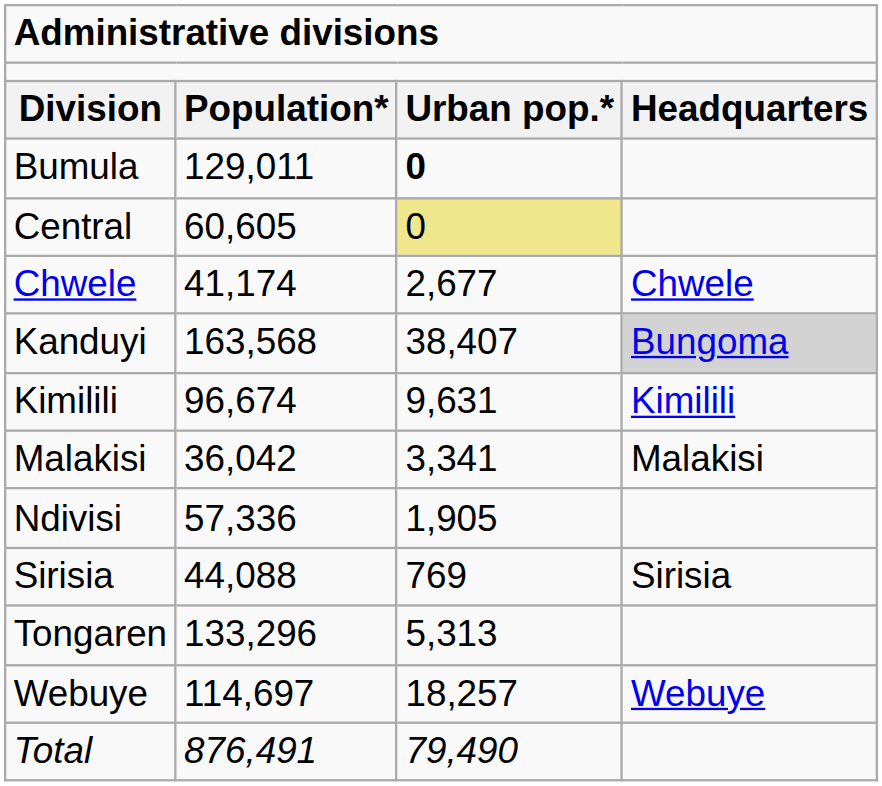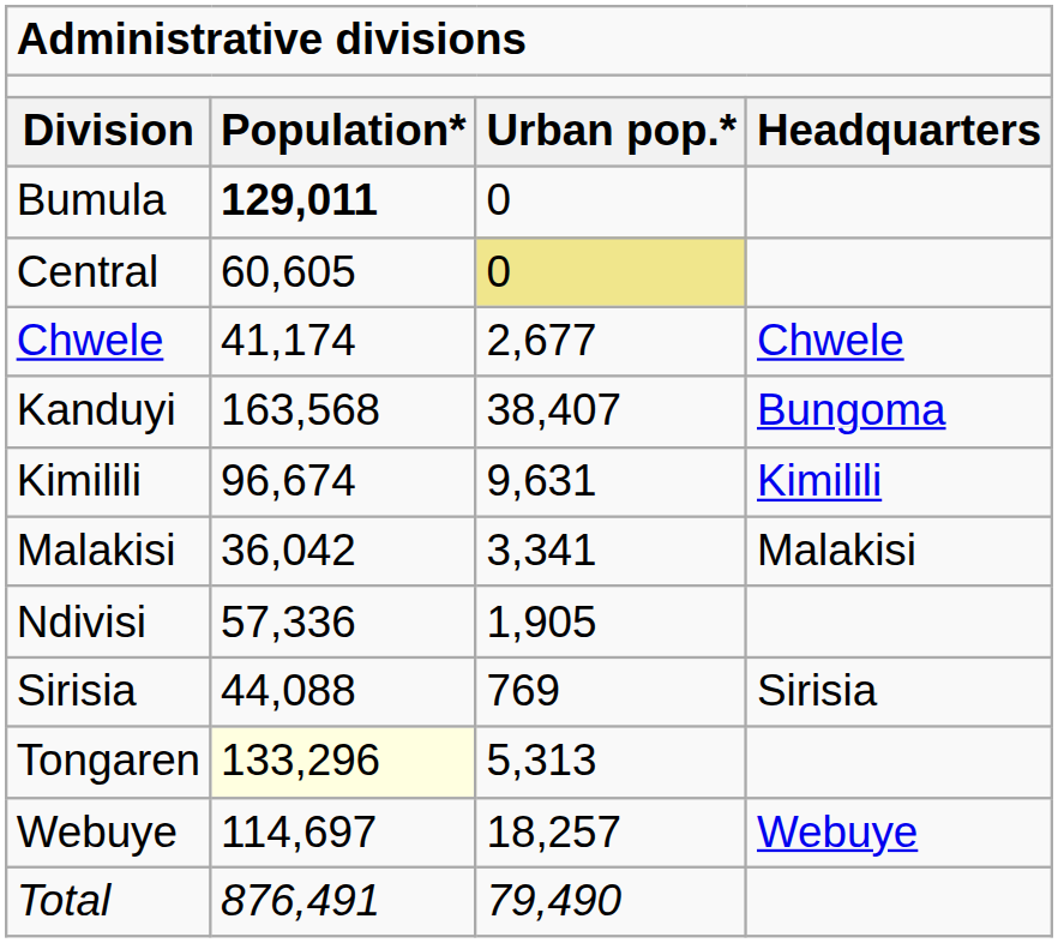 <table class="wikitable">
 <tr>
 <td colspan="4"><strong>Administrative divisions</strong></td>
 </tr>
 <tr>
 <td colspan="4"></td>
 </tr>
 <tr>
 <th>Division</th>
 <th>Population*</th>
 <th>Urban pop.*</th>
 <th>Headquarters</th>
 </tr>
 <tr>
 <td>Bumula</td>
-<td>129,011</td>
-<td><strong>0</strong></td>
+<td><strong>129,011</strong></td>
+<td>0</td>
 <td></td>
 </tr>
 <tr>
 <td>Central</td>
 <td>60,605</td>
 <td style="background: khaki;">0</td>
 <td></td>
 </tr>
 <tr>
 <td><a href='#'>Chwele</a></td>
 <td>41,174</td>
 <td>2,677</td>
 <td><a href='#'>Chwele</a></td>
 </tr>
 <tr>
 <td>Kanduyi</td>
 <td>163,568</td>
 <td>38,407</td>
-<td style="background: lightgrey;"><a href='#'>Bungoma</a></td>
+<td><a href='#'>Bungoma</a></td>
 </tr>
 <tr>
 <td>Kimilili</td>
 <td>96,674</td>
 <td>9,631</td>
 <td><a href='#'>Kimilili</a></td>
 </tr>
 <tr>
 <td>Malakisi</td>
 <td>36,042</td>
 <td>3,341</td>
 <td>Malakisi</td>
 </tr>
 <tr>
 <td>Ndivisi</td>
 <td>57,336</td>
 <td>1,905</td>
 <td></td>
 </tr>
 <tr>
 <td>Sirisia</td>
 <td>44,088</td>
 <td>769</td>
 <td>Sirisia</td>
 </tr>
 <tr>
 <td>Tongaren</td>
-<td>133,296</td>
+<td style="background: lightyellow;">133,296</td>
 <td>5,313</td>
 <td></td>
 </tr>
 <tr>
 <td>Webuye</td>
 <td>114,697</td>
 <td>18,257</td>
 <td><a href='#'>Webuye</a></td>
 </tr>
 <tr>
 <td><em>Total</em></td>
 <td><em>876,491</em></td>
 <td><em>79,490</em></td>
 <td></td>
 </tr>
 </table>
